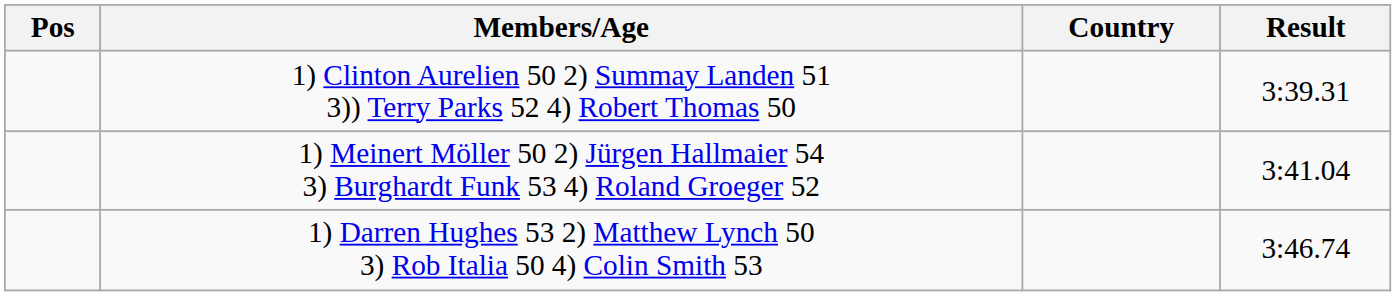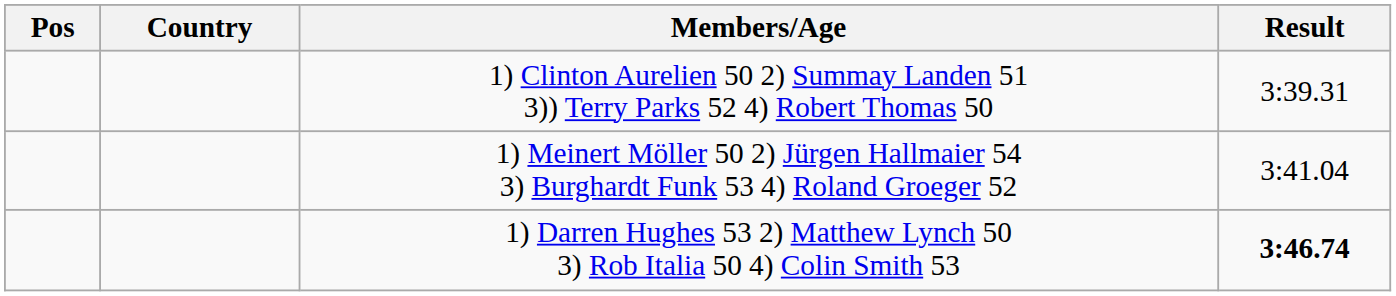 <table class="wikitable"  style="text-align:center; width:60%;">
 <tr>
 <th>Pos</th>
+<th>Country</th>
 <th>Members/Age</th>
-<th>Country</th>
 <th>Result</th>
 </tr>
 <tr>
 <td align=center></td>
+<td align=left></td>
 <td>1) <a href='#'>Clinton Aurelien</a> 50 2) <a href='#'>Summay Landen</a> 51<br>3)) <a href='#'>Terry Parks</a> 52 4) <a href='#'>Robert Thomas</a> 50</td>
-<td align=left></td>
 <td>3:39.31</td>
 </tr>
 <tr>
 <td align=center></td>
+<td align=left></td>
 <td>1) <a href='#'>Meinert Möller</a> 50 2) <a href='#'>Jürgen Hallmaier</a> 54<br>3) <a href='#'>Burghardt Funk</a> 53 4) <a href='#'>Roland Groeger</a> 52</td>
-<td align=left></td>
 <td>3:41.04</td>
 </tr>
 <tr>
 <td align=center></td>
+<td align=left></td>
 <td>1) <a href='#'>Darren Hughes</a> 53 2) <a href='#'>Matthew Lynch</a> 50<br>3) <a href='#'>Rob Italia</a> 50 4) <a href='#'>Colin Smith</a> 53</td>
-<td align=left></td>
-<td>3:46.74</td>
+<td><strong>3:46.74</strong></td>
 </tr>
 </table>
